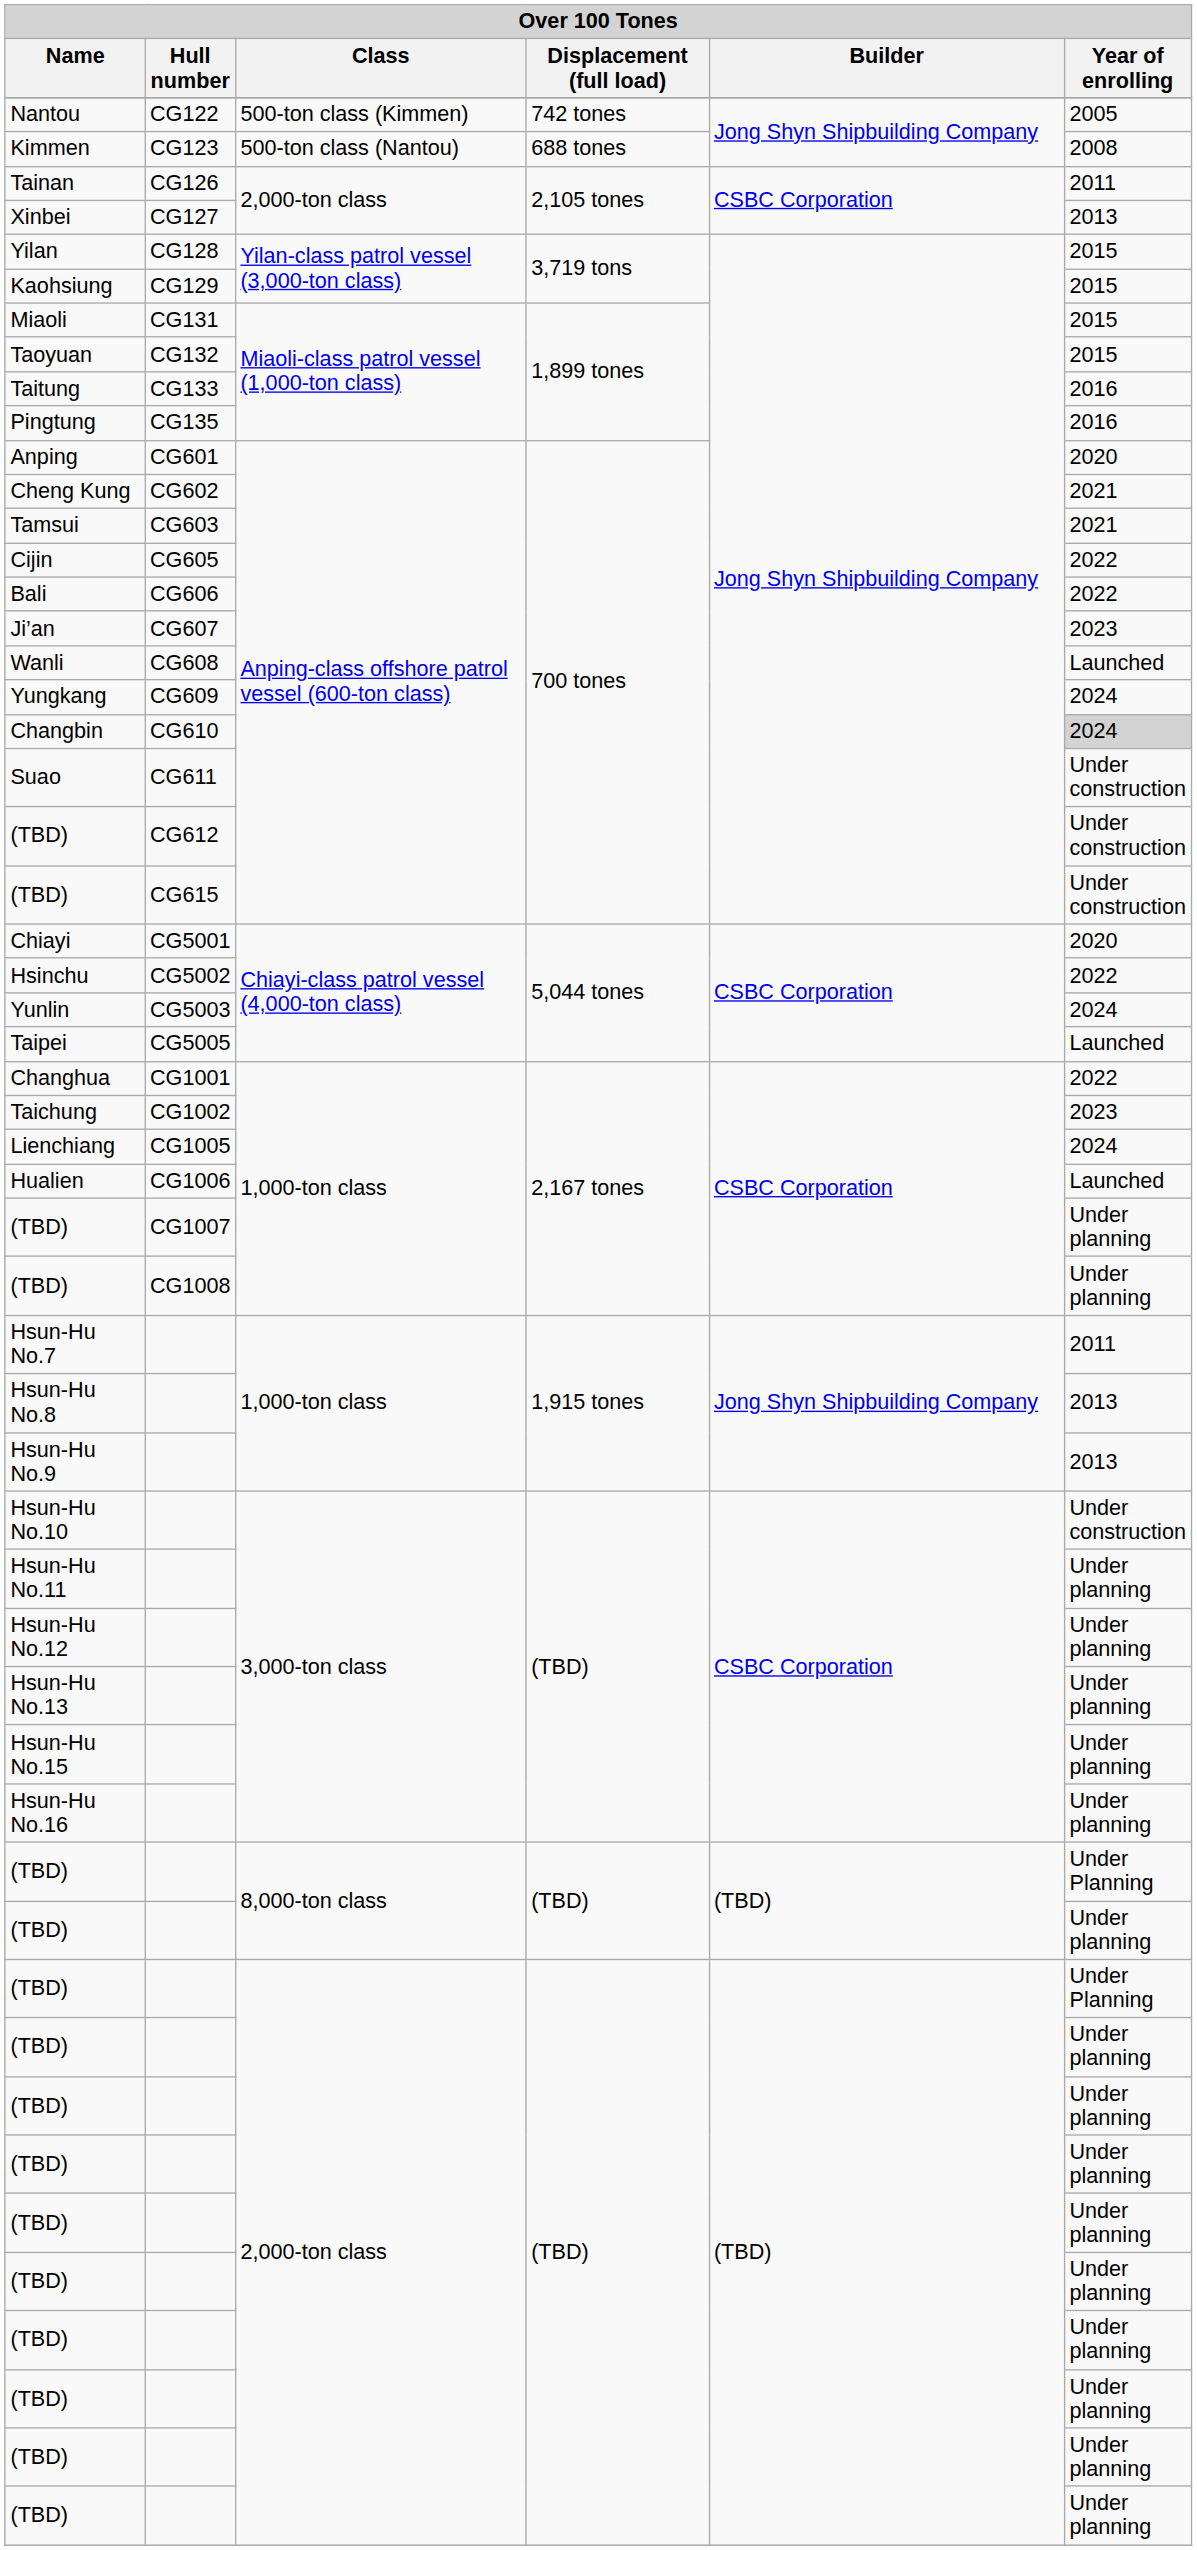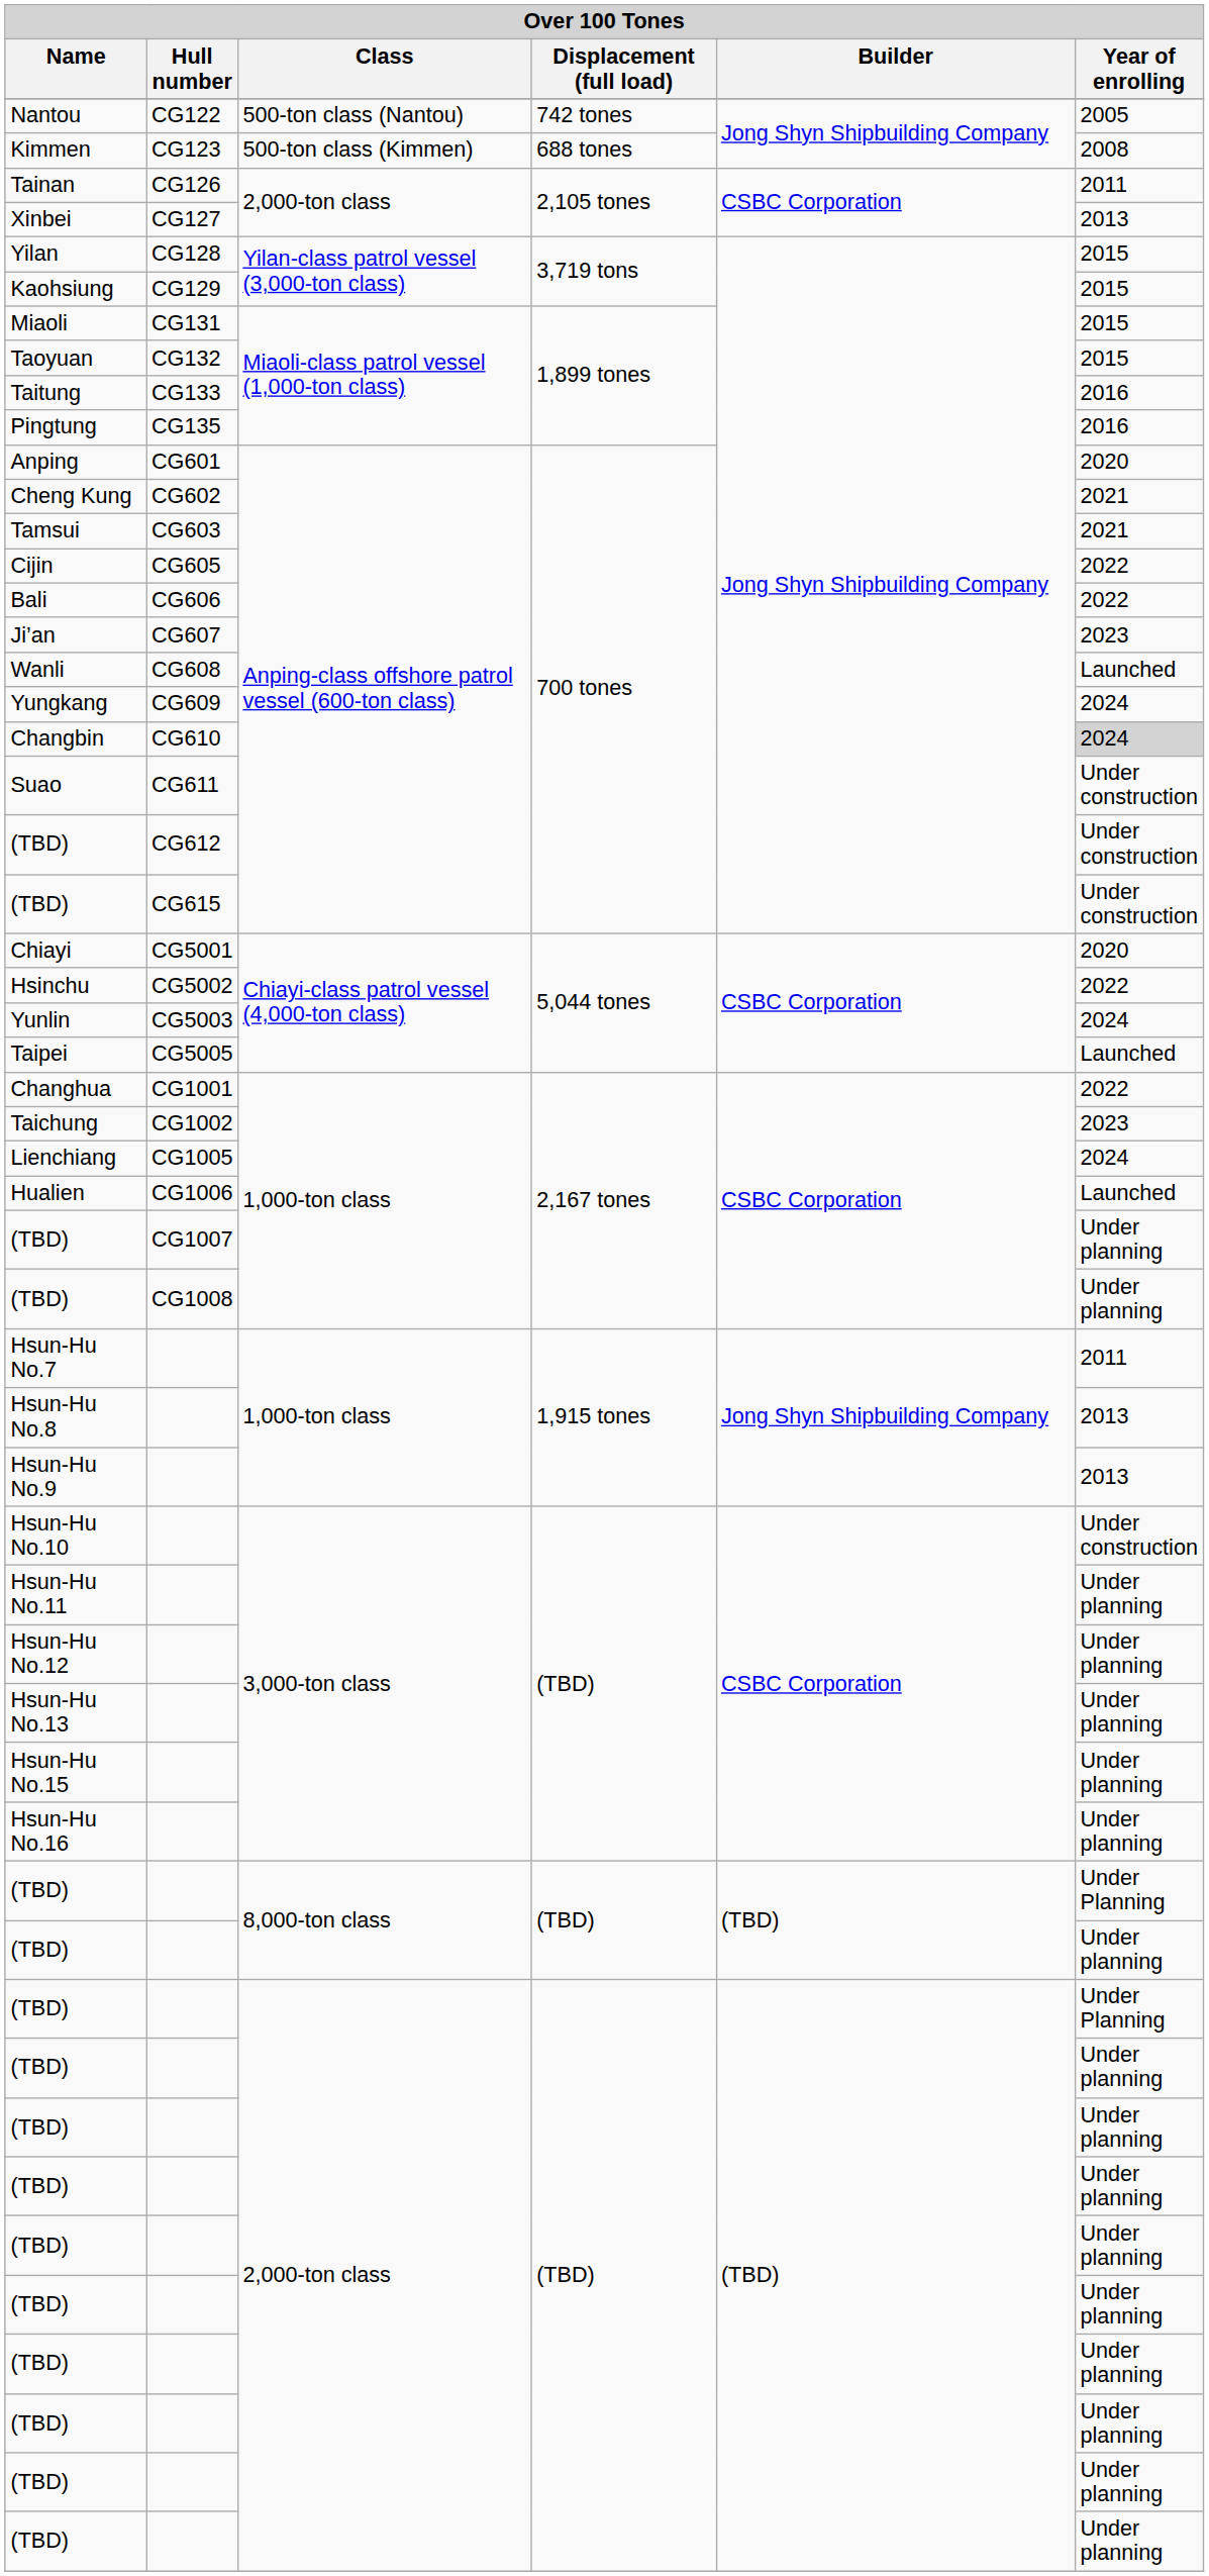 <table class="wikitable sortable" style="margin-left:auto;margin-right:auto;text-align: left;">
 <tr>
 <th style="align: center; background:#D3D3D3;" colspan="8">Over 100 Tones</th>
 </tr>
 <tr valign="top">
 <th style="width: 6em" class="unsortable">Name</th>
 <th style="width: 2.5em">Hull number</th>
 <th style="width: 13em" data-sort-type="number">Class</th>
 <th style="width: 8em" data-sort-type="number">Displacement (full load)</th>
 <th style="width: 16em">Builder</th>
 <th style="width: 5em">Year of enrolling</th>
 </tr>
 <tr valign="top">
 </tr>
 <tr>
 <td>Nantou</td>
 <td>CG122</td>
-<td>500-ton class (Kimmen)</td>
+<td>500-ton class (Nantou)</td>
 <td>742 tones</td>
 <td rowspan = "2"><a href='#'>Jong Shyn Shipbuilding Company</a></td>
 <td>2005</td>
 </tr>
 <tr>
 <td>Kimmen</td>
 <td>CG123</td>
-<td>500-ton class (Nantou)</td>
+<td>500-ton class (Kimmen)</td>
 <td>688 tones</td>
 <td>2008</td>
 </tr>
 <tr>
 <td>Tainan</td>
 <td>CG126</td>
 <td rowspan = "2">2,000-ton class</td>
 <td rowspan = "2">2,105 tones</td>
 <td rowspan = "2"><a href='#'>CSBC Corporation</a></td>
 <td>2011</td>
 </tr>
 <tr>
 <td>Xinbei</td>
 <td>CG127</td>
 <td>2013</td>
 </tr>
 <tr>
 <td>Yilan</td>
 <td>CG128</td>
 <td rowspan = "2"><a href='#'>Yilan-class patrol vessel (3,000-ton class)</a></td>
 <td rowspan = "2">3,719 tons</td>
 <td rowspan = "18"><a href='#'>Jong Shyn Shipbuilding Company</a></td>
 <td>2015</td>
 </tr>
 <tr>
 <td>Kaohsiung</td>
 <td>CG129</td>
 <td>2015</td>
 </tr>
 <tr>
 <td>Miaoli</td>
 <td>CG131</td>
 <td rowspan = "4"><a href='#'>Miaoli-class patrol vessel (1,000-ton class)</a></td>
 <td rowspan = "4">1,899 tones</td>
 <td>2015</td>
 </tr>
 <tr>
 <td>Taoyuan</td>
 <td>CG132</td>
 <td>2015</td>
 </tr>
 <tr>
 <td>Taitung</td>
 <td>CG133</td>
 <td>2016</td>
 </tr>
 <tr>
 <td>Pingtung</td>
 <td>CG135</td>
 <td>2016</td>
 </tr>
 <tr>
 <td>Anping</td>
 <td>CG601</td>
 <td rowspan = "12"><a href='#'>Anping-class offshore patrol vessel (600-ton class)</a></td>
 <td rowspan = "12">700 tones</td>
 <td>2020</td>
 </tr>
 <tr>
 <td>Cheng Kung</td>
 <td>CG602</td>
 <td>2021</td>
 </tr>
 <tr>
 <td>Tamsui</td>
 <td>CG603</td>
 <td>2021</td>
 </tr>
 <tr>
 <td>Cijin</td>
 <td>CG605</td>
 <td>2022</td>
 </tr>
 <tr>
 <td>Bali</td>
 <td>CG606</td>
 <td>2022</td>
 </tr>
 <tr>
 <td>Ji’an</td>
 <td>CG607</td>
 <td>2023</td>
 </tr>
 <tr>
 <td>Wanli</td>
 <td>CG608</td>
 <td>Launched</td>
 </tr>
 <tr>
 <td>Yungkang</td>
 <td>CG609</td>
 <td>2024</td>
 </tr>
 <tr>
 <td>Changbin</td>
 <td>CG610</td>
 <td style="background: lightgrey;">2024</td>
 </tr>
 <tr>
 <td>Suao</td>
 <td>CG611</td>
 <td>Under construction</td>
 </tr>
 <tr>
 <td>(TBD)</td>
 <td>CG612</td>
 <td>Under construction</td>
 </tr>
 <tr>
 <td>(TBD)</td>
 <td>CG615</td>
 <td>Under construction</td>
 </tr>
 <tr>
 <td>Chiayi</td>
 <td>CG5001</td>
 <td rowspan = "4"><a href='#'>Chiayi-class patrol vessel (4,000-ton class)</a></td>
 <td rowspan = "4">5,044 tones</td>
 <td rowspan = "4"><a href='#'>CSBC Corporation</a></td>
 <td>2020</td>
 </tr>
 <tr>
 <td>Hsinchu</td>
 <td>CG5002</td>
 <td>2022</td>
 </tr>
 <tr>
 <td>Yunlin</td>
 <td>CG5003</td>
 <td>2024</td>
 </tr>
 <tr>
 <td>Taipei</td>
 <td>CG5005</td>
 <td>Launched</td>
 </tr>
 <tr>
 <td>Changhua</td>
 <td>CG1001</td>
 <td rowspan = "6">1,000-ton class</td>
 <td rowspan = "6">2,167 tones</td>
 <td rowspan = "6"><a href='#'>CSBC Corporation</a></td>
 <td>2022</td>
 </tr>
 <tr>
 <td>Taichung</td>
 <td>CG1002</td>
 <td>2023</td>
 </tr>
 <tr>
 <td>Lienchiang</td>
 <td>CG1005</td>
 <td>2024</td>
 </tr>
 <tr>
 <td>Hualien</td>
 <td>CG1006</td>
 <td>Launched </td>
 </tr>
 <tr>
 <td>(TBD)</td>
 <td>CG1007</td>
 <td>Under planning</td>
 </tr>
 <tr>
 <td>(TBD)</td>
 <td>CG1008</td>
 <td>Under planning</td>
 </tr>
 <tr>
 <td>Hsun-Hu No.7</td>
 <td></td>
 <td rowspan = "3">1,000-ton class</td>
 <td rowspan = "3">1,915 tones</td>
 <td rowspan = "3"><a href='#'>Jong Shyn Shipbuilding Company</a></td>
 <td>2011</td>
 </tr>
 <tr>
 <td>Hsun-Hu No.8</td>
 <td></td>
 <td>2013</td>
 </tr>
 <tr>
 <td>Hsun-Hu No.9</td>
 <td></td>
 <td>2013</td>
 </tr>
 <tr>
 <td>Hsun-Hu No.10</td>
 <td></td>
 <td rowspan = "6">3,000-ton class</td>
 <td rowspan = "6">(TBD)</td>
 <td rowspan = "6"><a href='#'>CSBC Corporation</a></td>
 <td>Under construction</td>
 </tr>
 <tr>
 <td>Hsun-Hu No.11</td>
 <td></td>
 <td>Under planning</td>
 </tr>
 <tr>
 <td>Hsun-Hu No.12</td>
 <td></td>
 <td>Under planning</td>
 </tr>
 <tr>
 <td>Hsun-Hu No.13</td>
 <td></td>
 <td>Under planning</td>
 </tr>
 <tr>
 <td>Hsun-Hu No.15</td>
 <td></td>
 <td>Under planning</td>
 </tr>
 <tr>
 <td>Hsun-Hu No.16</td>
 <td></td>
 <td>Under planning</td>
 </tr>
 <tr>
 <td>(TBD)</td>
 <td></td>
 <td rowspan = "2">8,000-ton class</td>
 <td rowspan = "2">(TBD)</td>
 <td rowspan = "2">(TBD)</td>
 <td>Under Planning</td>
 </tr>
 <tr>
 <td>(TBD)</td>
 <td></td>
 <td>Under planning</td>
 </tr>
 <tr>
 <td>(TBD)</td>
 <td></td>
 <td rowspan = "10">2,000-ton class</td>
 <td rowspan = "10">(TBD)</td>
 <td rowspan = "10">(TBD)</td>
 <td>Under Planning</td>
 </tr>
 <tr>
 <td>(TBD)</td>
 <td></td>
 <td>Under planning</td>
 </tr>
 <tr>
 <td>(TBD)</td>
 <td></td>
 <td>Under planning</td>
 </tr>
 <tr>
 <td>(TBD)</td>
 <td></td>
 <td>Under planning</td>
 </tr>
 <tr>
 <td>(TBD)</td>
 <td></td>
 <td>Under planning</td>
 </tr>
 <tr>
 <td>(TBD)</td>
 <td></td>
 <td>Under planning</td>
 </tr>
 <tr>
 <td>(TBD)</td>
 <td></td>
 <td>Under planning</td>
 </tr>
 <tr>
 <td>(TBD)</td>
 <td></td>
 <td>Under planning</td>
 </tr>
 <tr>
 <td>(TBD)</td>
 <td></td>
 <td>Under planning</td>
 </tr>
 <tr>
 <td>(TBD)</td>
 <td></td>
 <td>Under planning</td>
 </tr>
 <tr>
 </tr>
 </table>
